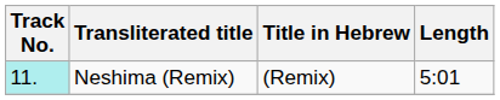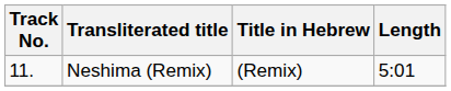 <table class="wikitable">
 <tr>
 <th>Track<br>No.</th>
 <th>Transliterated title</th>
 <th>Title in Hebrew</th>
 <th>Length</th>
 </tr>
 <tr>
-<td style="background: paleturquoise;">11.</td>
+<td>11.</td>
 <td>Neshima (Remix)</td>
 <td> (Remix)</td>
 <td>5:01</td>
 </tr>
 <tr>
 </tr>
 </table>
